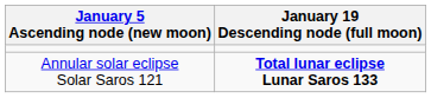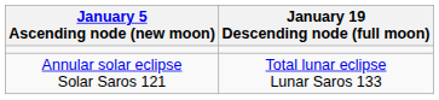 <table class="wikitable">
 <tr>
 <th><a href='#'>January 5</a><br>Ascending node (new moon)<br></th>
 <th>January 19<br>Descending node (full moon)</th>
 </tr>
 <tr>
 <td></td>
 <td></td>
 </tr>
 <tr align=center>
 <td><a href='#'>Annular solar eclipse</a><br>Solar Saros 121</td>
-<td><strong><a href='#'>Total lunar eclipse</a><br>Lunar Saros 133</strong></td>
+<td><a href='#'>Total lunar eclipse</a><br>Lunar Saros 133</td>
 </tr>
 </table>
